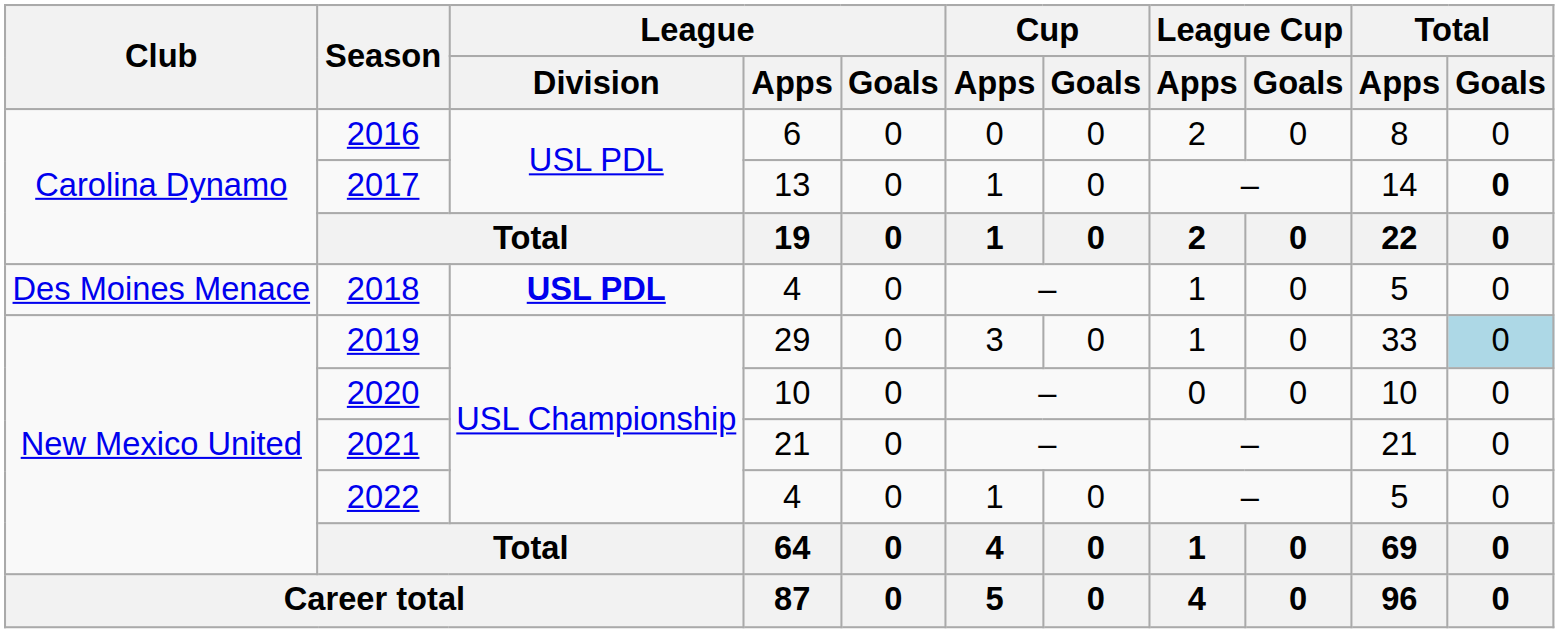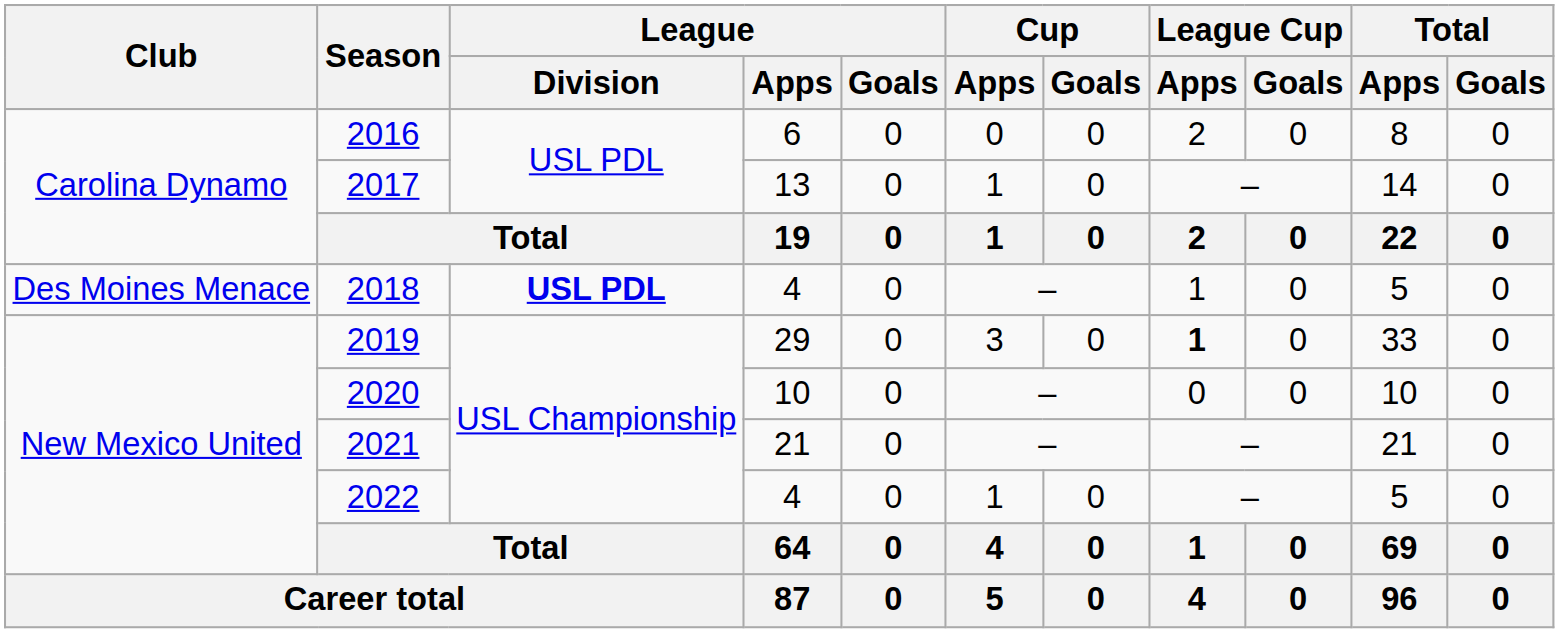 <table class="wikitable" style="text-align: center;">
 <tr>
 <th rowspan=2>Club</th>
 <th rowspan=2>Season</th>
 <th colspan=3>League</th>
 <th colspan=2>Cup</th>
 <th colspan=2>League Cup</th>
 <th colspan=2>Total</th>
 </tr>
 <tr>
 <th>Division</th>
 <th>Apps</th>
 <th>Goals</th>
 <th>Apps</th>
 <th>Goals</th>
 <th>Apps</th>
 <th>Goals</th>
 <th>Apps</th>
 <th>Goals</th>
 </tr>
 <tr>
 <td rowspan="3" valign="center"><a href='#'>Carolina Dynamo</a></td>
 <td><a href='#'>2016</a></td>
 <td rowspan="2"><a href='#'>USL PDL</a></td>
 <td>6</td>
 <td>0</td>
 <td>0</td>
 <td>0</td>
 <td>2</td>
 <td>0</td>
 <td>8</td>
 <td>0</td>
 </tr>
 <tr>
 <td><a href='#'>2017</a></td>
 <td>13</td>
 <td>0</td>
 <td>1</td>
 <td>0</td>
 <td colspan="2">–</td>
 <td>14</td>
-<td><strong>0</strong></td>
+<td>0</td>
 </tr>
 <tr>
 <th colspan="2">Total</th>
 <th>19</th>
 <th>0</th>
 <th>1</th>
 <th>0</th>
 <th>2</th>
 <th>0</th>
 <th>22</th>
 <th>0</th>
 </tr>
 <tr>
 <td rowspan=1 valign="center"><a href='#'>Des Moines Menace</a></td>
 <td><a href='#'>2018</a></td>
 <td><strong><a href='#'>USL PDL</a></strong></td>
 <td>4</td>
 <td>0</td>
 <td colspan="2">–</td>
 <td>1</td>
 <td>0</td>
 <td>5</td>
 <td>0</td>
 </tr>
 <tr>
 <td rowspan="5" valign="center"><a href='#'>New Mexico United</a></td>
 <td><a href='#'>2019</a></td>
 <td rowspan="4"><a href='#'>USL Championship</a></td>
 <td>29</td>
 <td>0</td>
 <td>3</td>
 <td>0</td>
-<td>1</td>
+<td><strong>1</strong></td>
 <td>0</td>
 <td>33</td>
-<td style="background: lightblue;">0</td>
+<td>0</td>
 </tr>
 <tr>
 <td><a href='#'>2020</a></td>
 <td>10</td>
 <td>0</td>
 <td colspan="2">–</td>
 <td>0</td>
 <td>0</td>
 <td>10</td>
 <td>0</td>
 </tr>
 <tr>
 <td><a href='#'>2021</a></td>
 <td>21</td>
 <td>0</td>
 <td colspan="2">–</td>
 <td colspan="2">–</td>
 <td>21</td>
 <td>0</td>
 </tr>
 <tr>
 <td><a href='#'>2022</a></td>
 <td>4</td>
 <td>0</td>
 <td>1</td>
 <td>0</td>
 <td colspan="2">–</td>
 <td>5</td>
 <td>0</td>
 </tr>
 <tr>
 <th colspan="2">Total</th>
 <th>64</th>
 <th>0</th>
 <th>4</th>
 <th>0</th>
 <th>1</th>
 <th>0</th>
 <th>69</th>
 <th>0</th>
 </tr>
 <tr>
 <th colspan="3">Career total</th>
 <th>87</th>
 <th>0</th>
 <th>5</th>
 <th>0</th>
 <th>4</th>
 <th>0</th>
 <th>96</th>
 <th>0</th>
 </tr>
 </table>
